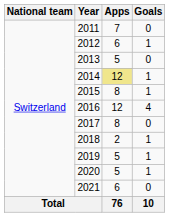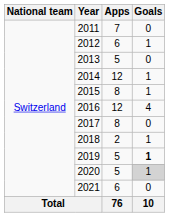 <table class="wikitable" style="text-align:center">
 <tr>
 <th>National team</th>
 <th>Year</th>
 <th>Apps</th>
 <th>Goals</th>
 </tr>
 <tr>
 <td rowspan="11"><a href='#'>Switzerland</a></td>
 <td>2011</td>
 <td>7</td>
 <td>0</td>
 </tr>
 <tr>
 <td>2012</td>
 <td>6</td>
 <td>1</td>
 </tr>
 <tr>
 <td>2013</td>
 <td>5</td>
 <td>0</td>
 </tr>
 <tr>
 <td>2014</td>
-<td style="background: khaki;">12</td>
+<td>12</td>
 <td>1</td>
 </tr>
 <tr>
 <td>2015</td>
 <td>8</td>
 <td>1</td>
 </tr>
 <tr>
 <td>2016</td>
 <td>12</td>
 <td>4</td>
 </tr>
 <tr>
 <td>2017</td>
 <td>8</td>
 <td>0</td>
 </tr>
 <tr>
 <td>2018</td>
 <td>2</td>
 <td>1</td>
 </tr>
 <tr>
 <td>2019</td>
 <td>5</td>
-<td>1</td>
+<td><strong>1</strong></td>
 </tr>
 <tr>
 <td>2020</td>
 <td>5</td>
-<td>1</td>
+<td style="background: lightgrey;">1</td>
 </tr>
 <tr>
 <td>2021</td>
 <td>6</td>
 <td>0</td>
 </tr>
 <tr>
 <th colspan="2">Total</th>
 <th>76</th>
 <th>10</th>
 </tr>
 </table>
